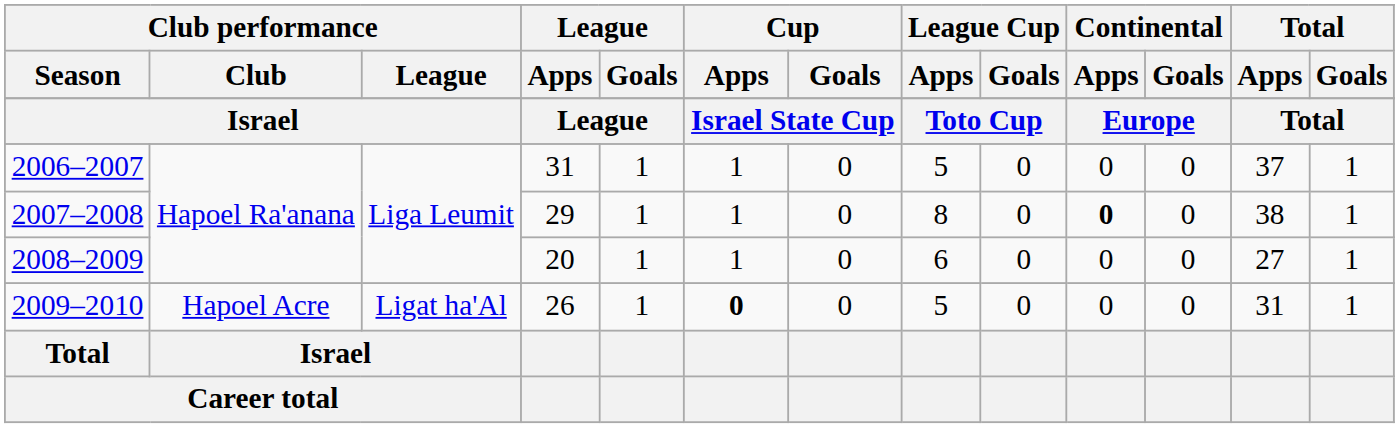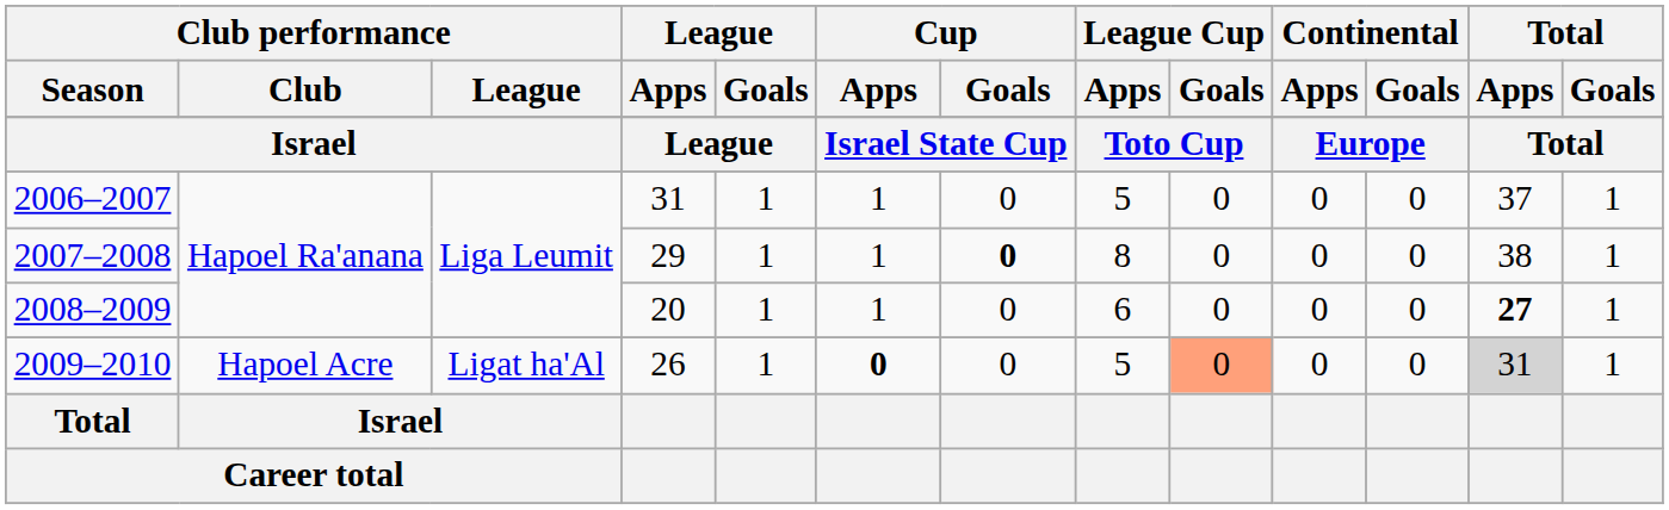 <table class="wikitable" style="text-align:center">
 <tr>
 <th colspan=3>Club performance</th>
 <th colspan=2>League</th>
 <th colspan=2>Cup</th>
 <th colspan=2>League Cup</th>
 <th colspan=2>Continental</th>
 <th colspan=2>Total</th>
 </tr>
 <tr>
 <th>Season</th>
 <th>Club</th>
 <th>League</th>
 <th>Apps</th>
 <th>Goals</th>
 <th>Apps</th>
 <th>Goals</th>
 <th>Apps</th>
 <th>Goals</th>
 <th>Apps</th>
 <th>Goals</th>
 <th>Apps</th>
 <th>Goals</th>
 </tr>
 <tr>
 </tr>
 <tr>
 <th colspan=3>Israel</th>
 <th colspan=2>League</th>
 <th colspan=2><a href='#'>Israel State Cup</a></th>
 <th colspan=2><a href='#'>Toto Cup</a></th>
 <th colspan=2><a href='#'>Europe</a></th>
 <th colspan=2>Total</th>
 </tr>
 <tr>
 <td><a href='#'>2006–2007</a></td>
 <td rowspan="3"><a href='#'>Hapoel Ra'anana</a></td>
 <td rowspan="3"><a href='#'>Liga Leumit</a></td>
 <td>31</td>
 <td>1</td>
 <td>1</td>
 <td>0</td>
 <td>5</td>
 <td>0</td>
 <td>0</td>
 <td>0</td>
 <td>37</td>
 <td>1</td>
 </tr>
 <tr>
 <td><a href='#'>2007–2008</a></td>
 <td>29</td>
 <td>1</td>
 <td>1</td>
-<td>0</td>
+<td><strong>0</strong></td>
 <td>8</td>
 <td>0</td>
-<td><strong>0</strong></td>
+<td>0</td>
 <td>0</td>
 <td>38</td>
 <td>1</td>
 </tr>
 <tr>
 <td><a href='#'>2008–2009</a></td>
 <td>20</td>
 <td>1</td>
 <td>1</td>
 <td>0</td>
 <td>6</td>
 <td>0</td>
 <td>0</td>
 <td>0</td>
-<td>27</td>
+<td><strong>27</strong></td>
 <td>1</td>
 </tr>
 <tr>
 <td><a href='#'>2009–2010</a></td>
 <td><a href='#'>Hapoel Acre</a></td>
 <td><a href='#'>Ligat ha'Al</a></td>
 <td>26</td>
 <td>1</td>
 <td><strong>0</strong></td>
 <td>0</td>
 <td>5</td>
+<td style="background: lightsalmon;">0</td>
 <td>0</td>
 <td>0</td>
-<td>0</td>
-<td>31</td>
+<td style="background: lightgrey;">31</td>
 <td>1</td>
 </tr>
 <tr>
 <th rowspan=1>Total</th>
 <th colspan=2>Israel</th>
 <th></th>
 <th></th>
 <th></th>
 <th></th>
 <th></th>
 <th></th>
 <th></th>
 <th></th>
 <th></th>
 <th></th>
 </tr>
 <tr>
 <th colspan=3>Career total</th>
 <th></th>
 <th></th>
 <th></th>
 <th></th>
 <th></th>
 <th></th>
 <th></th>
 <th></th>
 <th></th>
 <th></th>
 </tr>
 </table>
